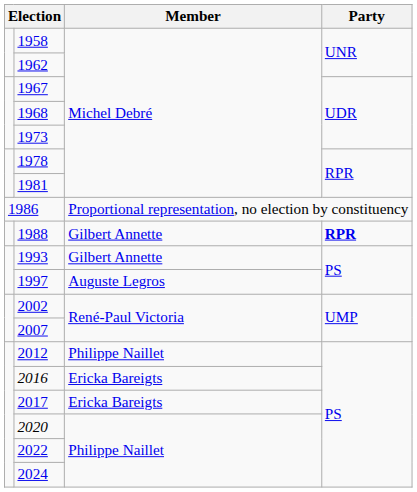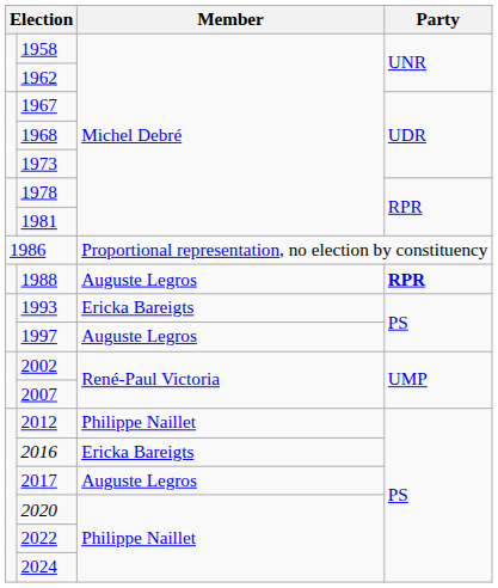 <table class="wikitable">
 <tr>
 <th colspan="2">Election</th>
 <th>Member</th>
 <th>Party</th>
 </tr>
 <tr>
 <td rowspan=2 style="background-color: "></td>
 <td><a href='#'>1958</a></td>
 <td rowspan="7"><a href='#'>Michel Debré</a></td>
 <td rowspan="2"><a href='#'>UNR</a></td>
 </tr>
 <tr>
 <td><a href='#'>1962</a></td>
 </tr>
 <tr>
 <td rowspan=3 style="background-color: "></td>
 <td><a href='#'>1967</a></td>
 <td rowspan="3"><a href='#'>UDR</a></td>
 </tr>
 <tr>
 <td><a href='#'>1968</a></td>
 </tr>
 <tr>
 <td><a href='#'>1973</a></td>
 </tr>
 <tr>
 <td rowspan=2 style="background-color: "></td>
 <td><a href='#'>1978</a></td>
 <td rowspan="2"><a href='#'>RPR</a></td>
 </tr>
 <tr>
 <td><a href='#'>1981</a></td>
 </tr>
 <tr>
 <td colspan="2"><a href='#'>1986</a></td>
 <td colspan="2"><a href='#'>Proportional representation</a>, no election by constituency</td>
 </tr>
 <tr>
 <td style="color:inherit;background-color: "></td>
 <td><a href='#'>1988</a></td>
-<td><a href='#'>Gilbert Annette</a></td>
+<td><a href='#'>Auguste Legros</a></td>
 <td><strong><a href='#'>RPR</a></strong></td>
 </tr>
 <tr>
 <td rowspan=2 style="background-color: "></td>
 <td><a href='#'>1993</a></td>
-<td><a href='#'>Gilbert Annette</a></td>
+<td><a href='#'>Ericka Bareigts</a></td>
 <td rowspan="2"><a href='#'>PS</a></td>
 </tr>
 <tr>
 <td><a href='#'>1997</a></td>
 <td><a href='#'>Auguste Legros</a></td>
 </tr>
 <tr>
 <td rowspan=2 style="background-color: "></td>
 <td><a href='#'>2002</a></td>
 <td rowspan=2><a href='#'>René-Paul Victoria</a></td>
 <td rowspan=2><a href='#'>UMP</a></td>
 </tr>
 <tr>
 <td><a href='#'>2007</a></td>
 </tr>
 <tr>
 <td rowspan="6" style="background-color: "></td>
 <td><a href='#'>2012</a></td>
 <td><a href='#'>Philippe Naillet</a></td>
 <td rowspan="6"><a href='#'>PS</a></td>
 </tr>
 <tr>
 <td><em>2016</em></td>
 <td><a href='#'>Ericka Bareigts</a></td>
 </tr>
 <tr>
 <td><a href='#'>2017</a></td>
-<td><a href='#'>Ericka Bareigts</a></td>
+<td><a href='#'>Auguste Legros</a></td>
 </tr>
 <tr>
 <td><em>2020</em></td>
 <td rowspan="3"><a href='#'>Philippe Naillet</a></td>
 </tr>
 <tr>
 <td><a href='#'>2022</a></td>
 </tr>
 <tr>
 <td><a href='#'>2024</a></td>
 </tr>
 </table>
